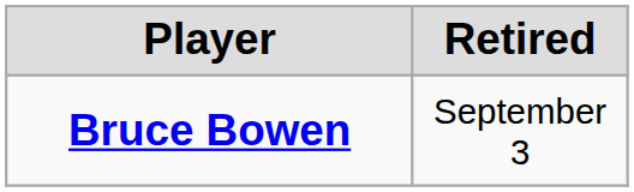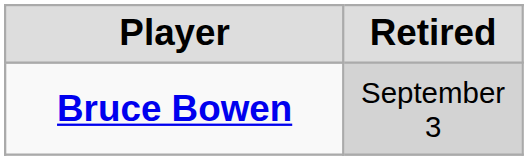 <table class="wikitable" style="text-align: center">
 <tr align="center"  bgcolor="#dddddd">
 <td style="width:140px"><strong>Player</strong></td>
 <td style="width:70px"><strong>Retired</strong></td>
 </tr>
 <tr style="height:40px">
 <td><strong><a href='#'>Bruce Bowen</a></strong></td>
-<td style="font-size: 80%">September 3</td>
+<td style="background: lightgrey; font-size: 80%">September 3</td>
 </tr>
 </table>
